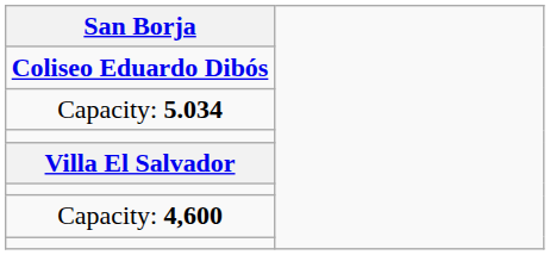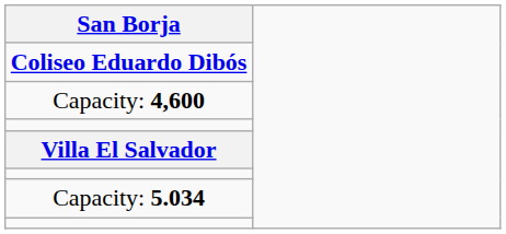 <table class="wikitable floatleft" style="text-align:center">
 <tr>
 <th width=50%><a href='#'>San Borja</a></th>
 <td width=50% rowspan=8></td>
 </tr>
 <tr>
 <td><strong><a href='#'>Coliseo Eduardo Dibós</a></strong></td>
 </tr>
 <tr>
-<td>Capacity: <strong>5.034</strong></td>
+<td>Capacity: <strong>4,600</strong></td>
 </tr>
 <tr>
 <td></td>
 </tr>
 <tr>
 <th width=33.3%><a href='#'>Villa El Salvador</a></th>
 </tr>
 <tr>
 <td></td>
 </tr>
 <tr>
-<td>Capacity: <strong>4,600</strong></td>
+<td>Capacity: <strong>5.034</strong></td>
 </tr>
 <tr>
 <td></td>
 </tr>
 </table>
